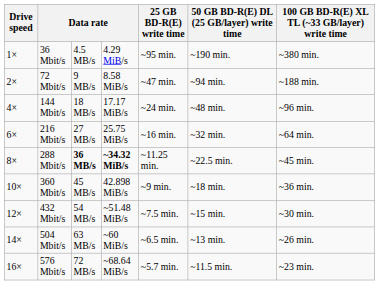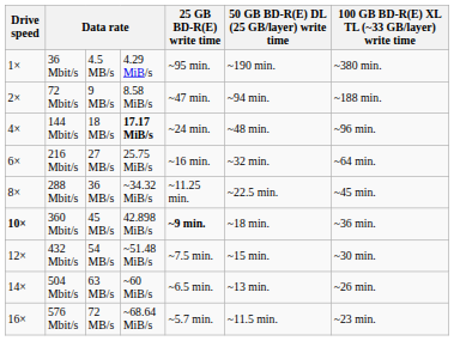 <table class="wikitable">
 <tr>
 <th>Drive speed</th>
 <th colspan="3">Data rate</th>
 <th>25 GB BD-R(E) write time</th>
 <th>50 GB BD-R(E) DL (25 GB/layer) write time</th>
 <th>100 GB BD-R(E) XL TL (~33 GB/layer) write time</th>
 </tr>
 <tr>
 <td>1×</td>
 <td>36 Mbit/s</td>
 <td>4.5 MB/s</td>
 <td>4.29 <a href='#'>MiB</a>/s</td>
 <td>~95 min.</td>
 <td>~190 min.</td>
 <td>~380 min.</td>
 </tr>
 <tr>
 <td>2×</td>
 <td>72 Mbit/s</td>
 <td>9 MB/s</td>
 <td>8.58 MiB/s</td>
 <td>~47 min.</td>
 <td>~94 min.</td>
 <td>~188 min.</td>
 </tr>
 <tr>
 <td>4×</td>
 <td>144 Mbit/s</td>
 <td>18 MB/s</td>
-<td>17.17 MiB/s</td>
+<td><strong>17.17 MiB/s</strong></td>
 <td>~24 min.</td>
 <td>~48 min.</td>
 <td>~96 min.</td>
 </tr>
 <tr>
 <td>6×</td>
 <td>216 Mbit/s</td>
 <td>27 MB/s</td>
 <td>25.75 MiB/s</td>
 <td>~16 min.</td>
 <td>~32 min.</td>
 <td>~64 min.</td>
 </tr>
 <tr>
 <td>8×</td>
 <td>288 Mbit/s</td>
-<td><strong>36 MB/s</strong></td>
-<td><strong>~34.32 MiB/s</strong></td>
+<td>36 MB/s</td>
+<td>~34.32 MiB/s</td>
 <td>~11.25 min.</td>
 <td>~22.5 min.</td>
 <td>~45 min.</td>
 </tr>
 <tr>
-<td>10×</td>
+<td><strong>10×</strong></td>
 <td>360 Mbit/s</td>
 <td>45 MB/s</td>
 <td>42.898 MiB/s</td>
-<td>~9 min.</td>
+<td><strong>~9 min.</strong></td>
 <td>~18 min.</td>
 <td>~36 min.</td>
 </tr>
 <tr>
 <td>12×</td>
 <td>432 Mbit/s</td>
 <td>54 MB/s</td>
 <td>~51.48 MiB/s</td>
 <td>~7.5 min.</td>
 <td>~15 min.</td>
 <td>~30 min.</td>
 </tr>
 <tr>
 <td>14×</td>
 <td>504 Mbit/s</td>
 <td>63 MB/s</td>
 <td>~60 MiB/s</td>
 <td>~6.5 min.</td>
 <td>~13 min.</td>
 <td>~26 min.</td>
 </tr>
 <tr>
 <td>16×</td>
 <td>576 Mbit/s</td>
 <td>72 MB/s</td>
 <td>~68.64 MiB/s</td>
 <td>~5.7 min.</td>
 <td>~11.5 min.</td>
 <td>~23 min.</td>
 </tr>
 </table>
